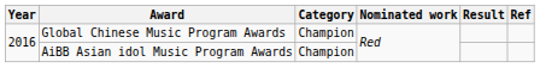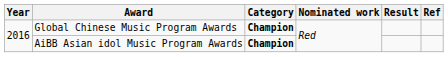 <table class="wikitable">
 <tr>
 <th>Year</th>
 <th>Award</th>
 <th>Category</th>
 <th>Nominated work</th>
 <th>Result</th>
 <th>Ref</th>
 </tr>
 <tr>
 <td rowspan=2>2016</td>
 <td>Global Chinese Music Program Awards</td>
-<td>Champion</td>
+<td><strong>Champion</strong></td>
 <td rowspan=2><em>Red</em></td>
 <td></td>
 <td></td>
 </tr>
 <tr>
 <td>AiBB Asian idol Music Program Awards</td>
-<td>Champion</td>
+<td><strong>Champion</strong></td>
 <td></td>
 <td></td>
 </tr>
 </table>
